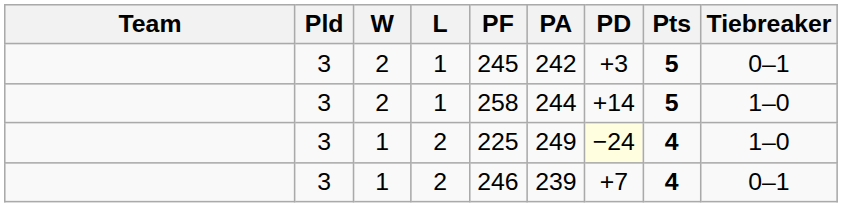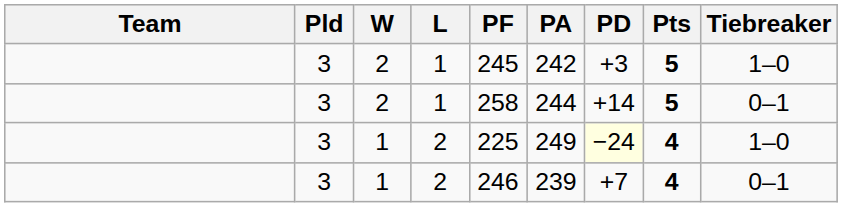 <table class="wikitable" style="text-align:center;">
 <tr>
 <th width=180>Team</th>
 <th width=30>Pld</th>
 <th width=30>W</th>
 <th width=30>L</th>
 <th width=30>PF</th>
 <th width=30>PA</th>
 <th width=30>PD</th>
 <th width=30>Pts</th>
 <th width=80>Tiebreaker</th>
 </tr>
 <tr>
 <td align="left"></td>
 <td>3</td>
 <td>2</td>
 <td>1</td>
 <td>245</td>
 <td>242</td>
 <td>+3</td>
 <td><strong>5</strong></td>
-<td>0–1</td>
+<td>1–0</td>
 </tr>
 <tr>
 <td align="left"></td>
 <td>3</td>
 <td>2</td>
 <td>1</td>
 <td>258</td>
 <td>244</td>
 <td>+14</td>
 <td><strong>5</strong></td>
-<td>1–0</td>
+<td>0–1</td>
 </tr>
 <tr>
 <td align="left"></td>
 <td>3</td>
 <td>1</td>
 <td>2</td>
 <td>225</td>
 <td>249</td>
 <td style="background: lightyellow;">−24</td>
 <td><strong>4</strong></td>
 <td>1–0</td>
 </tr>
 <tr>
 <td align="left"></td>
 <td>3</td>
 <td>1</td>
 <td>2</td>
 <td>246</td>
 <td>239</td>
 <td>+7</td>
 <td><strong>4</strong></td>
 <td>0–1</td>
 </tr>
 </table>
